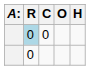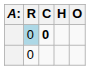 <table class="wikitable">
 <tr>
 <th><em>A</em>:</th>
 <th><strong>R</strong></th>
 <th><strong>C</strong></th>
+<th><strong>H</strong></th>
 <th><strong>O</strong></th>
-<th><strong>H</strong></th>
 </tr>
 <tr>
 <th></th>
 <td style="background: lightblue;">0</td>
-<td>0</td>
+<td><strong>0</strong></td>
 <td></td>
 <td></td>
 </tr>
 <tr>
 <th></th>
 <td>0</td>
 <td></td>
 <td></td>
 <td></td>
 </tr>
 </table>
